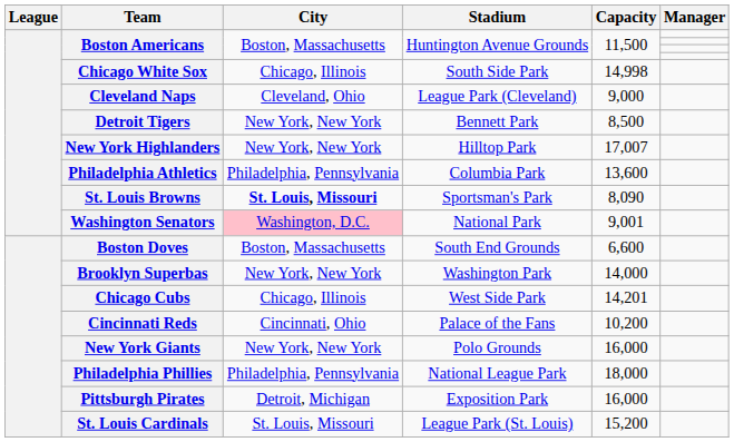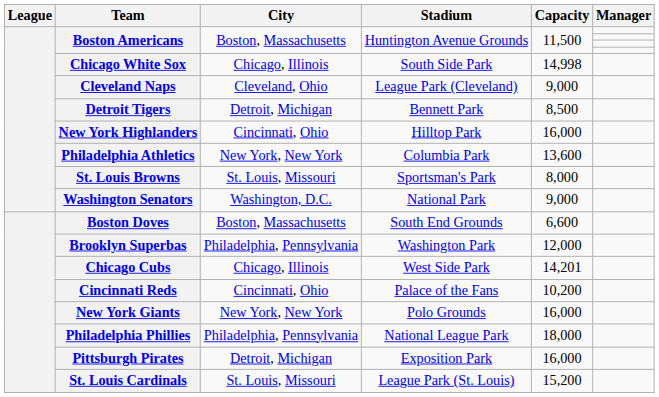 <table class="wikitable sortable plainrowheaders" style="text-align:center;">
 <tr>
 <th scope="col">League</th>
 <th scope="col">Team</th>
 <th scope="col">City</th>
 <th scope="col">Stadium</th>
 <th scope="col">Capacity</th>
 <th scope="col">Manager</th>
 </tr>
 <tr>
 <th rowspan="11"></th>
 <th rowspan="4" scope="row"><a href='#'>Boston Americans</a></th>
 <td rowspan="4"><a href='#'>Boston</a>, <a href='#'>Massachusetts</a></td>
 <td rowspan="4"><a href='#'>Huntington Avenue Grounds</a></td>
 <td rowspan="4">11,500</td>
 <td></td>
 </tr>
 <tr>
 <td></td>
 </tr>
 <tr>
 <td></td>
 </tr>
 <tr>
 <td></td>
 </tr>
 <tr>
 <th scope="row"><a href='#'>Chicago White Sox</a></th>
 <td><a href='#'>Chicago</a>, <a href='#'>Illinois</a></td>
 <td><a href='#'>South Side Park</a></td>
 <td>14,998</td>
 <td></td>
 </tr>
 <tr>
 <th scope="row"><a href='#'>Cleveland Naps</a></th>
 <td><a href='#'>Cleveland</a>, <a href='#'>Ohio</a></td>
 <td><a href='#'>League Park (Cleveland)</a></td>
 <td>9,000</td>
 <td></td>
 </tr>
 <tr>
 <th scope="row"><a href='#'>Detroit Tigers</a></th>
-<td><a href='#'>New York</a>, <a href='#'>New York</a></td>
+<td><a href='#'>Detroit</a>, <a href='#'>Michigan</a></td>
 <td><a href='#'>Bennett Park</a></td>
 <td>8,500</td>
 <td></td>
 </tr>
 <tr>
 <th scope="row"><a href='#'>New York Highlanders</a></th>
-<td><a href='#'>New York</a>, <a href='#'>New York</a></td>
+<td><a href='#'>Cincinnati</a>, <a href='#'>Ohio</a></td>
 <td><a href='#'>Hilltop Park</a></td>
-<td>17,007</td>
+<td>16,000</td>
 <td></td>
 </tr>
 <tr>
 <th scope="row"><a href='#'>Philadelphia Athletics</a></th>
-<td><a href='#'>Philadelphia</a>, <a href='#'>Pennsylvania</a></td>
+<td><a href='#'>New York</a>, <a href='#'>New York</a></td>
 <td><a href='#'>Columbia Park</a></td>
 <td>13,600</td>
 <td></td>
 </tr>
 <tr>
 <th scope="row"><a href='#'>St. Louis Browns</a></th>
-<td><strong><a href='#'>St. Louis</a>, <a href='#'>Missouri</a></strong></td>
+<td><a href='#'>St. Louis</a>, <a href='#'>Missouri</a></td>
 <td><a href='#'>Sportsman's Park</a></td>
-<td>8,090</td>
+<td>8,000</td>
 <td></td>
 </tr>
 <tr>
 <th scope="row"><a href='#'>Washington Senators</a></th>
-<td style="background: pink;"><a href='#'>Washington, D.C.</a></td>
+<td><a href='#'>Washington, D.C.</a></td>
 <td><a href='#'>National Park</a></td>
-<td>9,001</td>
+<td>9,000</td>
 <td></td>
 </tr>
 <tr>
 <th rowspan="8"></th>
 <th scope="row"><a href='#'>Boston Doves</a></th>
 <td><a href='#'>Boston</a>, <a href='#'>Massachusetts</a></td>
 <td><a href='#'>South End Grounds</a></td>
 <td>6,600</td>
 <td></td>
 </tr>
 <tr>
 <th scope="row"><a href='#'>Brooklyn Superbas</a></th>
-<td><a href='#'>New York</a>, <a href='#'>New York</a></td>
+<td><a href='#'>Philadelphia</a>, <a href='#'>Pennsylvania</a></td>
 <td><a href='#'>Washington Park</a></td>
-<td>14,000</td>
+<td>12,000</td>
 <td></td>
 </tr>
 <tr>
 <th scope="row"><a href='#'>Chicago Cubs</a></th>
 <td><a href='#'>Chicago</a>, <a href='#'>Illinois</a></td>
 <td><a href='#'>West Side Park</a></td>
 <td>14,201</td>
 <td></td>
 </tr>
 <tr>
 <th scope="row"><a href='#'>Cincinnati Reds</a></th>
 <td><a href='#'>Cincinnati</a>, <a href='#'>Ohio</a></td>
 <td><a href='#'>Palace of the Fans</a></td>
 <td>10,200</td>
 <td></td>
 </tr>
 <tr>
 <th scope="row"><a href='#'>New York Giants</a></th>
 <td><a href='#'>New York</a>, <a href='#'>New York</a></td>
 <td><a href='#'>Polo Grounds</a></td>
 <td>16,000</td>
 <td></td>
 </tr>
 <tr>
 <th scope="row"><a href='#'>Philadelphia Phillies</a></th>
 <td><a href='#'>Philadelphia</a>, <a href='#'>Pennsylvania</a></td>
 <td><a href='#'>National League Park</a></td>
 <td>18,000</td>
 <td></td>
 </tr>
 <tr>
 <th scope="row"><a href='#'>Pittsburgh Pirates</a></th>
 <td><a href='#'>Detroit</a>, <a href='#'>Michigan</a></td>
 <td><a href='#'>Exposition Park</a></td>
 <td>16,000</td>
 <td></td>
 </tr>
 <tr>
 <th scope="row"><a href='#'>St. Louis Cardinals</a></th>
 <td><a href='#'>St. Louis</a>, <a href='#'>Missouri</a></td>
 <td><a href='#'>League Park (St. Louis)</a></td>
 <td>15,200</td>
 <td></td>
 </tr>
 </table>
